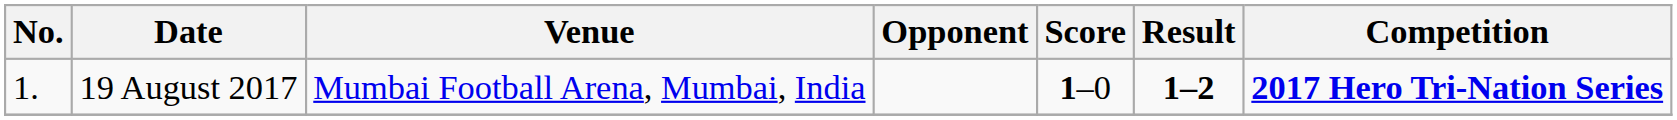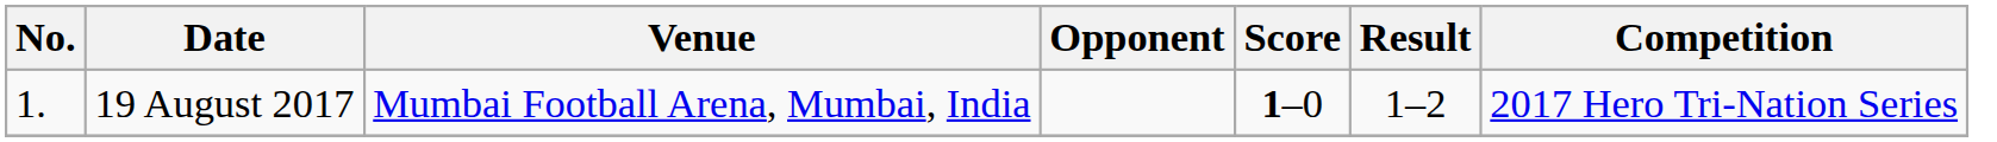 <table class="wikitable">
 <tr>
 <th>No.</th>
 <th>Date</th>
 <th>Venue</th>
 <th>Opponent</th>
 <th>Score</th>
 <th>Result</th>
 <th>Competition</th>
 </tr>
 <tr>
 <td>1.</td>
 <td>19 August 2017</td>
 <td><a href='#'>Mumbai Football Arena</a>, <a href='#'>Mumbai</a>, <a href='#'>India</a></td>
 <td></td>
 <td align=center><strong>1</strong>–0</td>
-<td align=center><strong>1–2</strong></td>
-<td><strong><a href='#'>2017 Hero Tri-Nation Series</a></strong></td>
+<td align=center>1–2</td>
+<td><a href='#'>2017 Hero Tri-Nation Series</a></td>
 </tr>
 <tr>
 </tr>
 </table>
